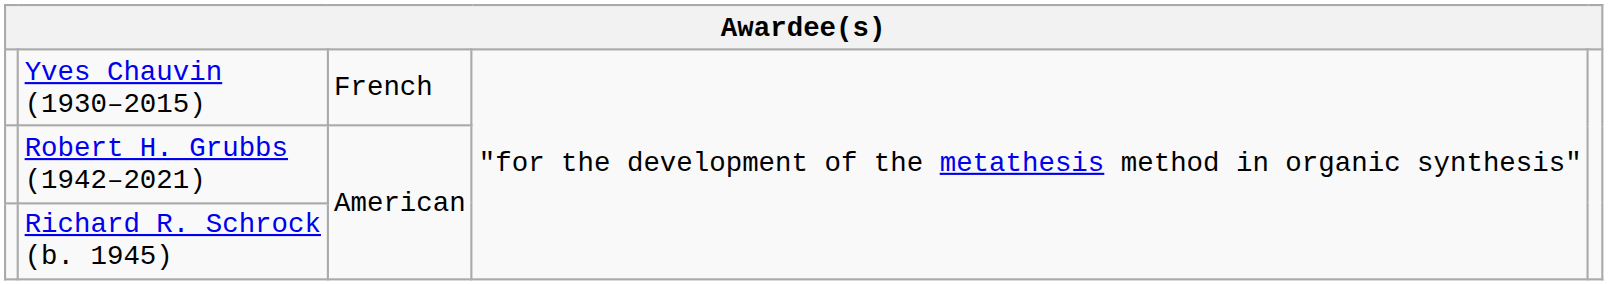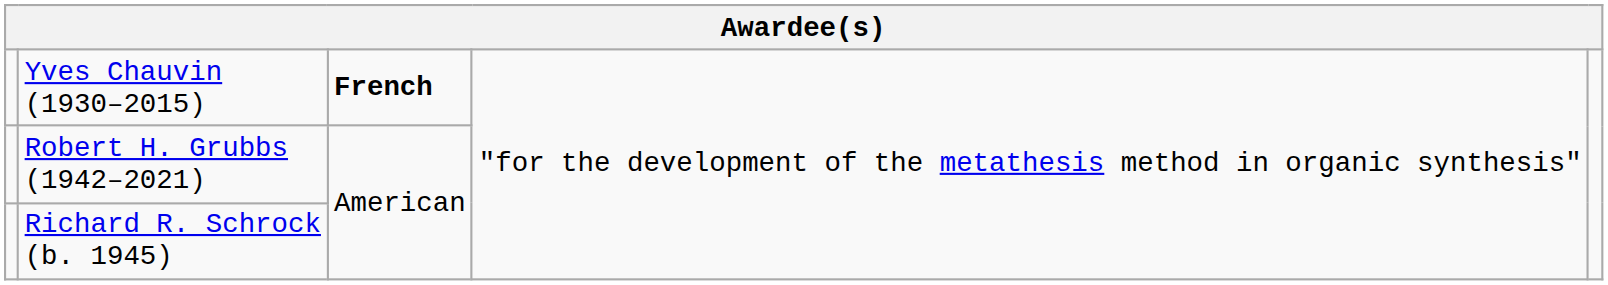 <table class="wikitable">
 <tr>
 <th colspan="5">Awardee(s)</th>
 </tr>
 <tr>
 <td></td>
 <td><a href='#'>Yves Chauvin</a><br>(1930–2015)</td>
-<td> French</td>
+<td><strong> French</strong></td>
 <td rowspan="3">"for the development of the <a href='#'>metathesis</a> method in organic synthesis"</td>
 <td rowspan="3"></td>
 </tr>
 <tr>
 <td></td>
 <td><a href='#'>Robert H. Grubbs</a><br>(1942–2021)</td>
 <td rowspan="2"> American</td>
 </tr>
 <tr>
 <td></td>
 <td><a href='#'>Richard R. Schrock</a><br>(b. 1945)</td>
 </tr>
 </table>
